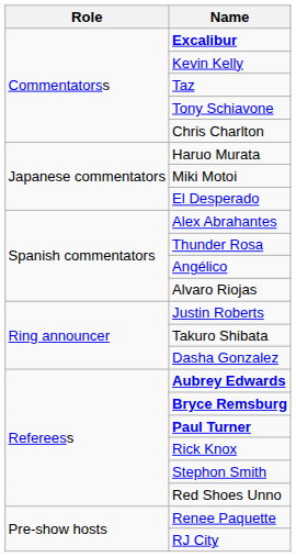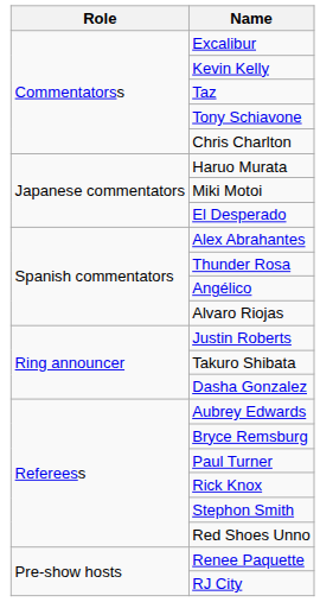 <table class=wikitable style="font-size:90%; margin: 0.5em 0 0.5em 1em; float: right; clear: right;">
 <tr>
 <th>Role</th>
 <th>Name</th>
 </tr>
 <tr>
 <td rowspan=5><a href='#'>Commentators</a>s</td>
-<td><strong><a href='#'>Excalibur</a> </strong></td>
+<td><a href='#'>Excalibur</a> </td>
 </tr>
 <tr>
 <td><a href='#'>Kevin Kelly</a> </td>
 </tr>
 <tr>
 <td><a href='#'>Taz</a> </td>
 </tr>
 <tr>
 <td><a href='#'>Tony Schiavone</a> </td>
 </tr>
 <tr>
 <td>Chris Charlton </td>
 </tr>
 <tr>
 <td rowspan=3>Japanese commentators</td>
 <td>Haruo Murata</td>
 </tr>
 <tr>
 <td>Miki Motoi</td>
 </tr>
 <tr>
 <td><a href='#'>El Desperado</a></td>
 </tr>
 <tr>
 <td rowspan=4>Spanish commentators</td>
 <td><a href='#'>Alex Abrahantes</a></td>
 </tr>
 <tr>
 <td><a href='#'>Thunder Rosa</a></td>
 </tr>
 <tr>
 <td><a href='#'>Angélico</a></td>
 </tr>
 <tr>
 <td>Alvaro Riojas</td>
 </tr>
 <tr>
 <td rowspan=3><a href='#'>Ring announcer</a></td>
 <td><a href='#'>Justin Roberts</a></td>
 </tr>
 <tr>
 <td>Takuro Shibata</td>
 </tr>
 <tr>
 <td><a href='#'>Dasha Gonzalez</a> </td>
 </tr>
 <tr>
 <td rowspan=6><a href='#'>Referees</a>s</td>
-<td><strong><a href='#'>Aubrey Edwards</a></strong></td>
+<td><a href='#'>Aubrey Edwards</a></td>
 </tr>
 <tr>
-<td><strong><a href='#'>Bryce Remsburg</a></strong></td>
+<td><a href='#'>Bryce Remsburg</a></td>
 </tr>
 <tr>
-<td><strong><a href='#'>Paul Turner</a></strong></td>
+<td><a href='#'>Paul Turner</a></td>
 </tr>
 <tr>
 <td><a href='#'>Rick Knox</a></td>
 </tr>
 <tr>
 <td><a href='#'>Stephon Smith</a></td>
 </tr>
 <tr>
 <td>Red Shoes Unno</td>
 </tr>
 <tr>
 <td rowspan=2>Pre-show hosts</td>
 <td><a href='#'>Renee Paquette</a></td>
 </tr>
 <tr>
 <td><a href='#'>RJ City</a></td>
 </tr>
 </table>
